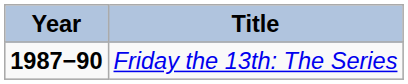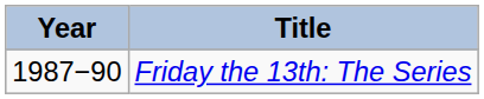 <table class="wikitable" style="font-size:95%;">
 <tr>
 <th style="background:#B0C4DE;">Year</th>
 <th style="background:#B0C4DE;">Title</th>
 </tr>
 <tr>
-<td><strong>1987−90</strong></td>
+<td>1987−90</td>
 <td><em><a href='#'>Friday the 13th: The Series</a></em></td>
 </tr>
 </table>
